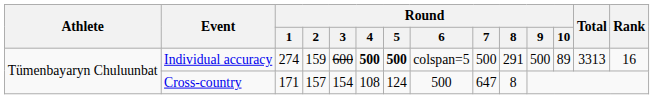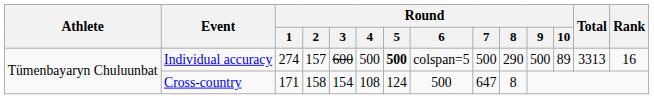 <table class=wikitable style=font-size:90%;text-align:center>
 <tr>
 <th rowspan="2">Athlete</th>
 <th rowspan="2">Event</th>
 <th colspan=10>Round</th>
 <th rowspan=2>Total</th>
 <th rowspan=2>Rank</th>
 </tr>
 <tr style="font-size:95%">
 <th>1</th>
 <th>2</th>
 <th>3</th>
 <th>4</th>
 <th>5</th>
 <th>6</th>
 <th>7</th>
 <th>8</th>
 <th>9</th>
 <th>10</th>
 </tr>
 <tr>
 <td align=left rowspan=2>Tümenbayaryn Chuluunbat</td>
 <td align=left><a href='#'>Individual accuracy</a></td>
 <td>274</td>
-<td>159</td>
+<td>157</td>
 <td><s>600</s></td>
-<td><strong>500</strong></td>
+<td>500</td>
 <td><strong>500</strong></td>
 <td>colspan=5 </td>
 <td>500</td>
-<td>291</td>
+<td>290</td>
 <td>500</td>
 <td>89</td>
 <td>3313</td>
 <td>16</td>
 </tr>
 <tr>
 <td align=left><a href='#'>Cross-country</a></td>
 <td>171</td>
-<td>157</td>
+<td>158</td>
 <td>154</td>
 <td>108</td>
 <td>124</td>
 <td>500</td>
 <td>647</td>
 <td>8</td>
 </tr>
 </table>
